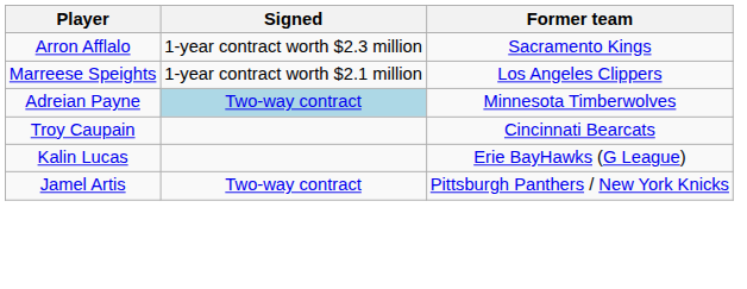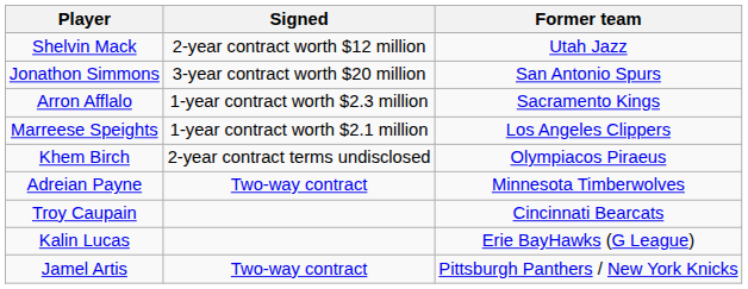 <table class="wikitable sortable sortable" style="text-align: center">
 <tr>
 <th>Player</th>
 <th>Signed</th>
 <th>Former team</th>
+</tr>
+<tr style="text-align: center">
+<td><a href='#'>Shelvin Mack</a></td>
+<td>2-year contract worth $12 million</td>
+<td><a href='#'>Utah Jazz</a></td>
+</tr>
+<tr style="text-align: center">
+<td><a href='#'>Jonathon Simmons</a></td>
+<td>3-year contract worth $20 million</td>
+<td><a href='#'>San Antonio Spurs</a></td>
 </tr>
 <tr style="text-align: center">
 <td><a href='#'>Arron Afflalo</a></td>
 <td>1-year contract worth $2.3 million</td>
 <td><a href='#'>Sacramento Kings</a></td>
 </tr>
 <tr style="text-align: center">
 <td><a href='#'>Marreese Speights</a></td>
 <td>1-year contract worth $2.1 million</td>
 <td><a href='#'>Los Angeles Clippers</a></td>
 </tr>
 <tr style="text-align: center">
+<td><a href='#'>Khem Birch</a></td>
+<td>2-year contract terms undisclosed</td>
+<td> <a href='#'>Olympiacos Piraeus</a></td>
+</tr>
+<tr style="text-align: center">
 <td><a href='#'>Adreian Payne</a></td>
-<td style="background: lightblue;"><a href='#'>Two-way contract</a></td>
+<td><a href='#'>Two-way contract</a></td>
 <td><a href='#'>Minnesota Timberwolves</a></td>
 </tr>
 <tr style="text-align: center">
 <td><a href='#'>Troy Caupain</a></td>
 <td></td>
 <td><a href='#'>Cincinnati Bearcats</a></td>
 </tr>
 <tr style="text-align: center">
 <td><a href='#'>Kalin Lucas</a></td>
 <td></td>
 <td><a href='#'>Erie BayHawks</a> (<a href='#'>G League</a>)</td>
 </tr>
 <tr style="text-align: center">
 <td><a href='#'>Jamel Artis</a></td>
 <td><a href='#'>Two-way contract</a></td>
 <td><a href='#'>Pittsburgh Panthers</a> / <a href='#'>New York Knicks</a></td>
 </tr>
 </table>
